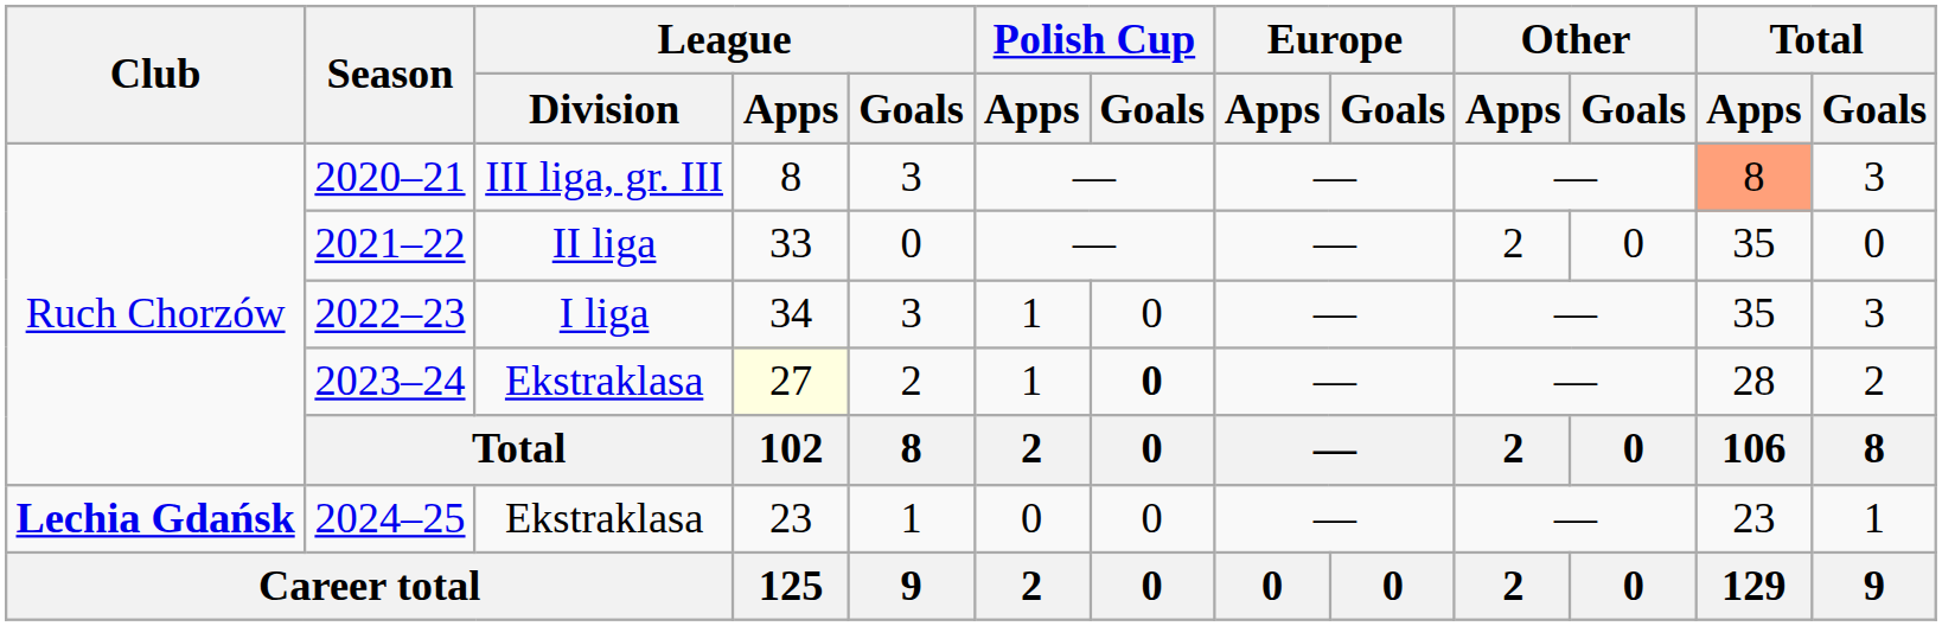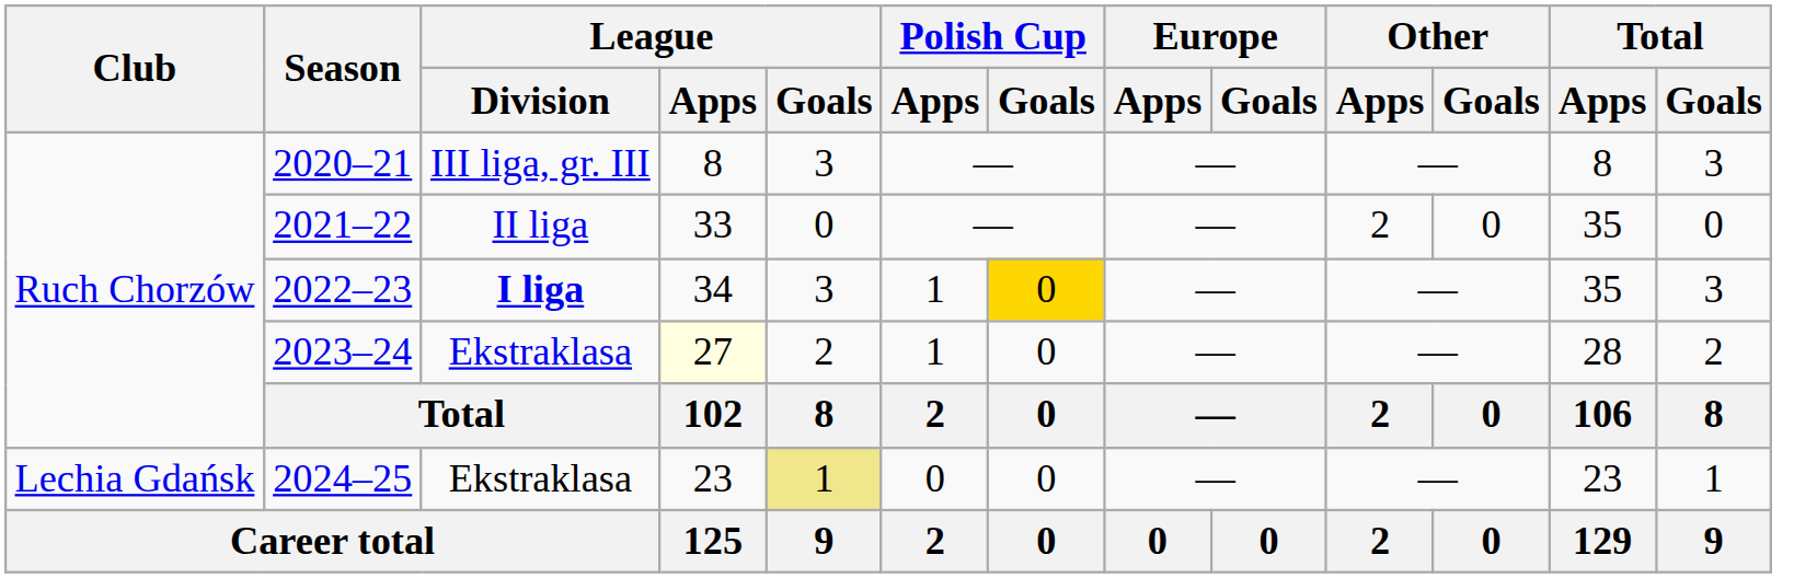 <table class="wikitable" style="text-align: center;">
 <tr>
 <th rowspan="2">Club</th>
 <th rowspan="2">Season</th>
 <th colspan="3">League</th>
 <th colspan="2"><a href='#'>Polish Cup</a></th>
 <th colspan="2">Europe</th>
 <th colspan="2">Other</th>
 <th colspan="2">Total</th>
 </tr>
 <tr>
 <th>Division</th>
 <th>Apps</th>
 <th>Goals</th>
 <th>Apps</th>
 <th>Goals</th>
 <th>Apps</th>
 <th>Goals</th>
 <th>Apps</th>
 <th>Goals</th>
 <th>Apps</th>
 <th>Goals</th>
 </tr>
 <tr>
 <td rowspan="5"><a href='#'>Ruch Chorzów</a></td>
 <td><a href='#'>2020–21</a></td>
 <td><a href='#'>III liga, gr. III</a></td>
 <td>8</td>
 <td>3</td>
 <td colspan="2">—</td>
 <td colspan="2">—</td>
 <td colspan="2">—</td>
-<td style="background: lightsalmon;">8</td>
+<td>8</td>
 <td>3</td>
 </tr>
 <tr>
 <td><a href='#'>2021–22</a></td>
 <td><a href='#'>II liga</a></td>
 <td>33</td>
 <td>0</td>
 <td colspan="2">—</td>
 <td colspan="2">—</td>
 <td>2</td>
 <td>0</td>
 <td>35</td>
 <td>0</td>
 </tr>
 <tr>
 <td><a href='#'>2022–23</a></td>
-<td><a href='#'>I liga</a></td>
+<td><strong><a href='#'>I liga</a></strong></td>
 <td>34</td>
 <td>3</td>
 <td>1</td>
-<td>0</td>
+<td style="background: gold;">0</td>
 <td colspan="2">—</td>
 <td colspan="2">—</td>
 <td>35</td>
 <td>3</td>
 </tr>
 <tr>
 <td><a href='#'>2023–24</a></td>
 <td><a href='#'>Ekstraklasa</a></td>
 <td style="background: lightyellow;">27</td>
 <td>2</td>
 <td>1</td>
-<td><strong>0</strong></td>
+<td>0</td>
 <td colspan="2">—</td>
 <td colspan="2">—</td>
 <td>28</td>
 <td>2</td>
 </tr>
 <tr>
 <th colspan="2">Total</th>
 <th>102</th>
 <th>8</th>
 <th>2</th>
 <th>0</th>
 <th colspan="2">—</th>
 <th>2</th>
 <th>0</th>
 <th>106</th>
 <th>8</th>
 </tr>
 <tr>
-<td><strong><a href='#'>Lechia Gdańsk</a></strong></td>
+<td><a href='#'>Lechia Gdańsk</a></td>
 <td><a href='#'>2024–25</a></td>
 <td>Ekstraklasa</td>
 <td>23</td>
-<td>1</td>
+<td style="background: khaki;">1</td>
 <td>0</td>
 <td>0</td>
 <td colspan="2">—</td>
 <td colspan="2">—</td>
 <td>23</td>
 <td>1</td>
 </tr>
 <tr>
 <th colspan="3">Career total</th>
 <th>125</th>
 <th>9</th>
 <th>2</th>
 <th>0</th>
 <th>0</th>
 <th>0</th>
 <th>2</th>
 <th>0</th>
 <th>129</th>
 <th>9</th>
 </tr>
 </table>
